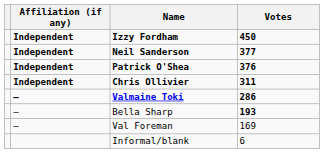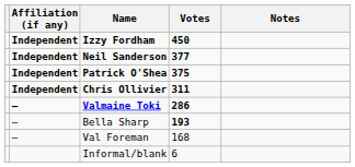 <table class="wikitable" style="width:51%;">
 <tr>
 <th style="width:1%;"></th>
 <th style="width:15%;">Affiliation (if any)</th>
 <th style="width:20%;">Name</th>
 <th style="width:15%;">Votes</th>
+<th>Notes</th>
 </tr>
 <tr>
 <td bgcolor=></td>
 <td><strong>Independent</strong></td>
 <td><strong>Izzy Fordham</strong></td>
 <td><strong>450</strong></td>
+<td></td>
 </tr>
 <tr>
 <td></td>
 <td><strong>Independent</strong></td>
 <td><strong>Neil Sanderson</strong></td>
 <td><strong>377</strong></td>
+<td></td>
 </tr>
 <tr>
 <td></td>
 <td><strong>Independent</strong></td>
 <td><strong>Patrick O'Shea</strong></td>
-<td><strong>376</strong></td>
+<td><strong>375</strong></td>
+<td></td>
 </tr>
 <tr>
 <td bgcolor=></td>
 <td><strong>Independent</strong></td>
 <td><strong>Chris Ollivier</strong></td>
 <td><strong>311</strong></td>
+<td></td>
 </tr>
 <tr>
 <td bgcolor=></td>
 <td><strong>–</strong></td>
 <td><strong><a href='#'>Valmaine Toki</a></strong></td>
 <td><strong>286</strong></td>
+<td></td>
 </tr>
 <tr>
 <td bgcolor=></td>
 <td>–</td>
 <td>Bella Sharp</td>
 <td><strong>193</strong></td>
+<td></td>
 </tr>
 <tr>
 <td bgcolor=></td>
 <td>–</td>
 <td>Val Foreman</td>
-<td>169</td>
+<td>168</td>
+<td></td>
 </tr>
 <tr>
 <td></td>
 <td></td>
 <td>Informal/blank</td>
 <td>6</td>
+<td></td>
 </tr>
 </table>
